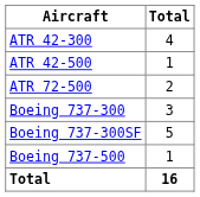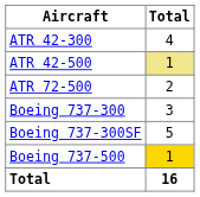 <table class="toccolours" border="1" cellpadding="3" style="margin:1em auto; border-collapse:collapse">
 <tr style="background:#da00;">
 <th>Aircraft</th>
 <th>Total</th>
 </tr>
 <tr>
 <td><a href='#'>ATR 42-300</a></td>
 <td align=center>4</td>
 </tr>
 <tr>
 <td><a href='#'>ATR 42-500</a></td>
-<td align=center>1</td>
+<td align=center style="background: khaki;">1</td>
 </tr>
 <tr>
 <td><a href='#'>ATR 72-500</a></td>
 <td align="center">2</td>
 </tr>
 <tr>
 <td><a href='#'>Boeing 737-300</a></td>
 <td align=center>3</td>
 </tr>
 <tr>
 <td><a href='#'>Boeing 737-300SF</a></td>
 <td align=center>5</td>
 </tr>
 <tr>
 <td><a href='#'>Boeing 737-500</a></td>
-<td align=center>1</td>
+<td align=center style="background: gold;">1</td>
 </tr>
 <tr>
 <td><strong>Total</strong></td>
 <td style="text-align:center;"><strong>16</strong></td>
 </tr>
 </table>
